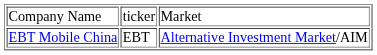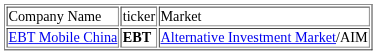 <table border=1>
 <tr>
 <td>Company Name</td>
 <td>ticker</td>
 <td>Market</td>
 </tr>
 <tr>
 <td><a href='#'>EBT Mobile China</a></td>
-<td>EBT</td>
+<td><strong>EBT</strong></td>
 <td><a href='#'>Alternative Investment Market</a>/AIM</td>
 </tr>
 </table>
